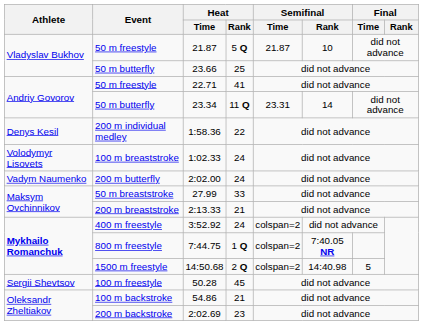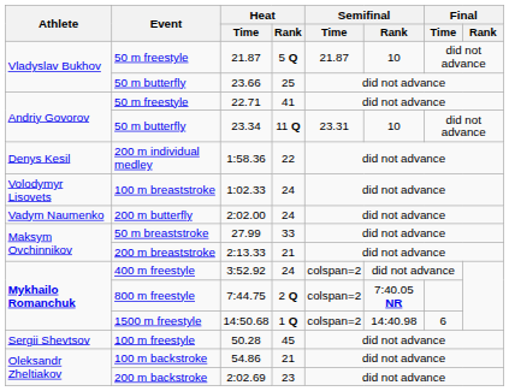 <table class=wikitable style="font-size:90%">
 <tr>
 <th rowspan="2">Athlete</th>
 <th rowspan="2">Event</th>
 <th colspan="2">Heat</th>
 <th colspan="2">Semifinal</th>
 <th colspan="2">Final</th>
 </tr>
 <tr style="font-size:95%">
 <th>Time</th>
 <th>Rank</th>
 <th>Time</th>
 <th>Rank</th>
 <th>Time</th>
 <th>Rank</th>
 </tr>
 <tr style="text-align:center">
 <td style="text-align:left" rowspan=2><a href='#'>Vladyslav Bukhov</a></td>
 <td style="text-align:left"><a href='#'>50 m freestyle</a></td>
 <td>21.87</td>
 <td>5 <strong>Q</strong></td>
 <td>21.87</td>
 <td>10</td>
 <td colspan=2>did not advance</td>
 </tr>
 <tr style="text-align:center">
 <td style="text-align:left"><a href='#'>50 m butterfly</a></td>
 <td>23.66</td>
 <td>25</td>
 <td colspan=4>did not advance</td>
 </tr>
 <tr style="text-align:center">
 <td style="text-align:left" rowspan=2><a href='#'>Andriy Govorov</a></td>
 <td style="text-align:left"><a href='#'>50 m freestyle</a></td>
 <td>22.71</td>
 <td>41</td>
 <td colspan=4>did not advance</td>
 </tr>
 <tr style="text-align:center">
 <td style="text-align:left"><a href='#'>50 m butterfly</a></td>
 <td>23.34</td>
 <td>11 <strong>Q</strong></td>
 <td>23.31</td>
-<td>14</td>
+<td>10</td>
 <td colspan=2>did not advance</td>
 </tr>
 <tr style="text-align:center">
 <td style="text-align:left"><a href='#'>Denys Kesil</a></td>
 <td style="text-align:left"><a href='#'>200 m individual medley</a></td>
 <td>1:58.36</td>
 <td>22</td>
 <td colspan=4>did not advance</td>
 </tr>
 <tr style="text-align:center">
 <td style="text-align:left"><a href='#'>Volodymyr Lisovets</a></td>
 <td style="text-align:left"><a href='#'>100 m breaststroke</a></td>
 <td>1:02.33</td>
 <td>24</td>
 <td colspan=4>did not advance</td>
 </tr>
 <tr style="text-align:center">
 <td style="text-align:left"><a href='#'>Vadym Naumenko</a></td>
 <td style="text-align:left"><a href='#'>200 m butterfly</a></td>
 <td>2:02.00</td>
 <td>24</td>
 <td colspan=4>did not advance</td>
 </tr>
 <tr style="text-align:center">
 <td style="text-align:left" rowspan=2><a href='#'>Maksym Ovchinnikov</a></td>
 <td style="text-align:left"><a href='#'>50 m breaststroke</a></td>
 <td>27.99</td>
 <td>33</td>
 <td colspan=4>did not advance</td>
 </tr>
 <tr style="text-align:center">
 <td style="text-align:left"><a href='#'>200 m breaststroke</a></td>
 <td>2:13.33</td>
 <td>21</td>
 <td colspan=4>did not advance</td>
 </tr>
 <tr style="text-align:center">
 <td style="text-align:left" rowspan=3><strong><a href='#'>Mykhailo Romanchuk</a></strong></td>
 <td style="text-align:left"><a href='#'>400 m freestyle</a></td>
 <td>3:52.92</td>
 <td>24</td>
 <td>colspan=2 </td>
 <td colspan=2>did not advance</td>
 </tr>
 <tr style="text-align:center">
 <td style="text-align:left"><a href='#'>800 m freestyle</a></td>
 <td>7:44.75</td>
-<td>1 <strong>Q</strong></td>
+<td>2 <strong>Q</strong></td>
 <td>colspan=2 </td>
 <td>7:40.05 <strong><a href='#'>NR</a></strong></td>
 <td></td>
 </tr>
 <tr style="text-align:center">
 <td style="text-align:left"><a href='#'>1500 m freestyle</a></td>
 <td>14:50.68</td>
-<td>2 <strong>Q</strong></td>
+<td>1 <strong>Q</strong></td>
 <td>colspan=2 </td>
 <td>14:40.98</td>
-<td>5</td>
+<td>6</td>
 </tr>
 <tr style="text-align:center">
 <td style="text-align:left"><a href='#'>Sergii Shevtsov</a></td>
 <td style="text-align:left"><a href='#'>100 m freestyle</a></td>
 <td>50.28</td>
 <td>45</td>
 <td colspan=4>did not advance</td>
 </tr>
 <tr style="text-align:center">
 <td style="text-align:left" rowspan=2><a href='#'>Oleksandr Zheltiakov</a></td>
 <td style="text-align:left"><a href='#'>100 m backstroke</a></td>
 <td>54.86</td>
 <td>21</td>
 <td colspan=4>did not advance</td>
 </tr>
 <tr style="text-align:center">
 <td style="text-align:left"><a href='#'>200 m backstroke</a></td>
 <td>2:02.69</td>
 <td>23</td>
 <td colspan=4>did not advance</td>
 </tr>
 </table>
